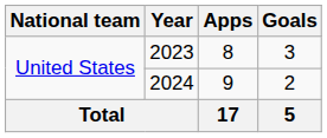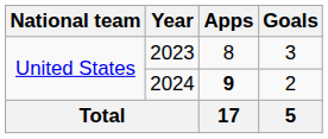 <table class="wikitable" style="text-align:center">
 <tr>
 <th>National team</th>
 <th>Year</th>
 <th>Apps</th>
 <th>Goals</th>
 </tr>
 <tr>
 <td rowspan="2"><a href='#'>United States</a></td>
 <td>2023</td>
 <td>8</td>
 <td>3</td>
 </tr>
 <tr>
 <td>2024</td>
-<td>9</td>
+<td><strong>9</strong></td>
 <td>2</td>
 </tr>
 <tr>
 <th colspan="2">Total</th>
 <th>17</th>
 <th>5</th>
 </tr>
 </table>
